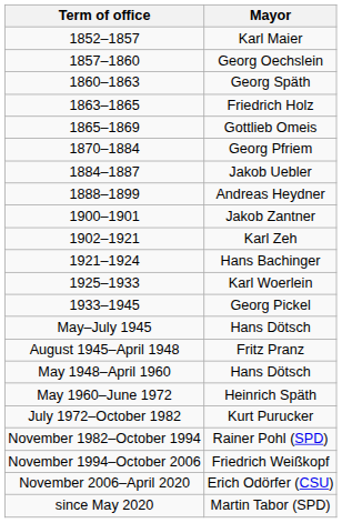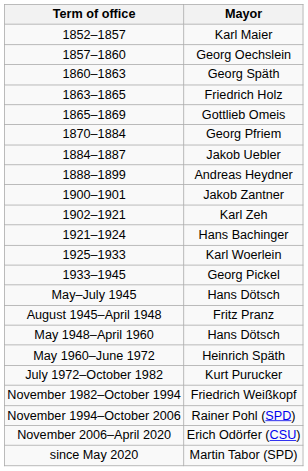 <table class="wikitable" style="text-align:center;">
 <tr>
 <th>Term of office</th>
 <th>Mayor</th>
 </tr>
 <tr>
 <td>1852–1857</td>
 <td>Karl Maier</td>
 </tr>
 <tr>
 <td>1857–1860</td>
 <td>Georg Oechslein</td>
 </tr>
 <tr>
 <td>1860–1863</td>
 <td>Georg Späth</td>
 </tr>
 <tr>
 <td>1863–1865</td>
 <td>Friedrich Holz</td>
 </tr>
 <tr>
 <td>1865–1869</td>
 <td>Gottlieb Omeis</td>
 </tr>
 <tr>
 <td>1870–1884</td>
 <td>Georg Pfriem</td>
 </tr>
 <tr>
 <td>1884–1887</td>
 <td>Jakob Uebler</td>
 </tr>
 <tr>
 <td>1888–1899</td>
 <td>Andreas Heydner</td>
 </tr>
 <tr>
 <td>1900–1901</td>
 <td>Jakob Zantner</td>
 </tr>
 <tr>
 <td>1902–1921</td>
 <td>Karl Zeh</td>
 </tr>
 <tr>
 <td>1921–1924</td>
 <td>Hans Bachinger</td>
 </tr>
 <tr>
 <td>1925–1933</td>
 <td>Karl Woerlein</td>
 </tr>
 <tr>
 <td>1933–1945</td>
 <td>Georg Pickel</td>
 </tr>
 <tr>
 <td>May–July 1945</td>
 <td>Hans Dötsch</td>
 </tr>
 <tr>
 <td>August 1945–April 1948</td>
 <td>Fritz Pranz</td>
 </tr>
 <tr>
 <td>May 1948–April 1960</td>
 <td>Hans Dötsch</td>
 </tr>
 <tr>
 <td>May 1960–June 1972</td>
 <td>Heinrich Späth</td>
 </tr>
 <tr>
 <td>July 1972–October 1982</td>
 <td>Kurt Purucker</td>
 </tr>
 <tr>
 <td>November 1982–October 1994</td>
-<td>Rainer Pohl (<a href='#'>SPD</a>)</td>
+<td>Friedrich Weißkopf</td>
 </tr>
 <tr>
 <td>November 1994–October 2006</td>
-<td>Friedrich Weißkopf</td>
+<td>Rainer Pohl (<a href='#'>SPD</a>)</td>
 </tr>
 <tr>
 <td>November 2006–April 2020</td>
 <td>Erich Odörfer (<a href='#'>CSU</a>)</td>
 </tr>
 <tr>
 <td>since May 2020</td>
 <td>Martin Tabor (SPD)</td>
 </tr>
 </table>
